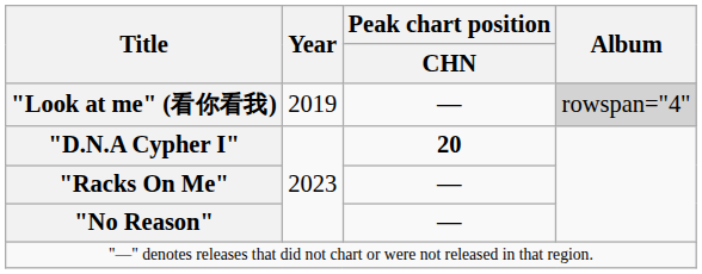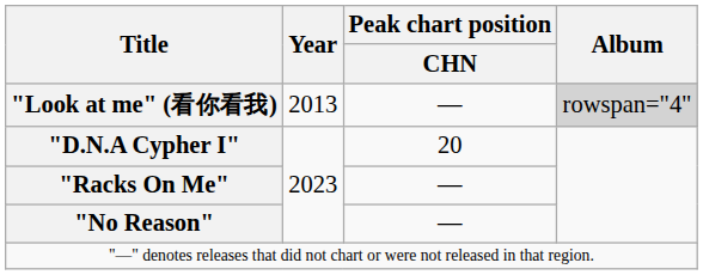 <table class="wikitable plainrowheaders" style="text-align:center;">
 <tr>
 <th rowspan="2">Title</th>
 <th rowspan="2">Year</th>
 <th>Peak chart position</th>
 <th rowspan="2">Album</th>
 </tr>
 <tr>
 <th>CHN<br></th>
 </tr>
 <tr>
 <th scope="row">"Look at me" (看你看我) <br></th>
-<td>2019</td>
+<td>2013</td>
 <td>—</td>
 <td style="background: lightgrey;">rowspan="4" </td>
 </tr>
 <tr>
 <th scope="row">"D.N.A Cypher I" <br></th>
 <td rowspan="3">2023</td>
-<td><strong>20</strong></td>
+<td>20</td>
 </tr>
 <tr>
 <th scope="row">"Racks On Me" <br></th>
 <td>—</td>
 </tr>
 <tr>
 <th scope="row">"No Reason" <br></th>
 <td>—</td>
 </tr>
 <tr>
 <td colspan="4" style="font-size:8pt; text-align:center;">"—" denotes releases that did not chart or were not released in that region.</td>
 </tr>
 </table>
